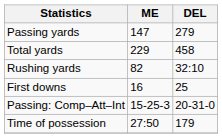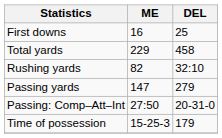 <table class="wikitable" style="float: left;">
 <tr>
 <th>Statistics</th>
 <th>ME</th>
 <th>DEL</th>
 </tr>
 <tr>
-<td>Passing yards</td>
-<td>147</td>
-<td>279</td>
+<td>First downs</td>
+<td>16</td>
+<td>25</td>
 </tr>
 <tr>
 <td>Total yards</td>
 <td>229</td>
 <td>458</td>
 </tr>
 <tr>
 <td>Rushing yards</td>
 <td>82</td>
 <td>32:10</td>
 </tr>
 <tr>
-<td>First downs</td>
-<td>16</td>
-<td>25</td>
+<td>Passing yards</td>
+<td>147</td>
+<td>279</td>
 </tr>
 <tr>
 <td>Passing: Comp–Att–Int</td>
-<td>15-25-3</td>
+<td>27:50</td>
 <td>20-31-0</td>
 </tr>
 <tr>
 <td>Time of possession</td>
-<td>27:50</td>
+<td>15-25-3</td>
 <td>179</td>
 </tr>
 <tr>
 </tr>
 </table>
